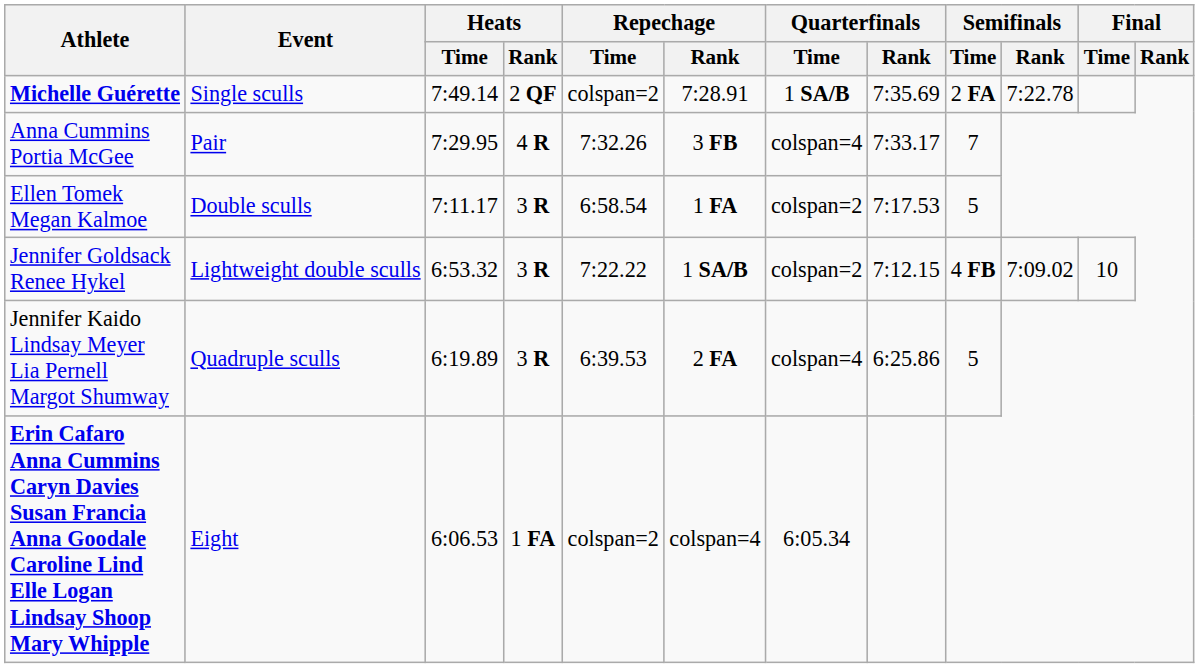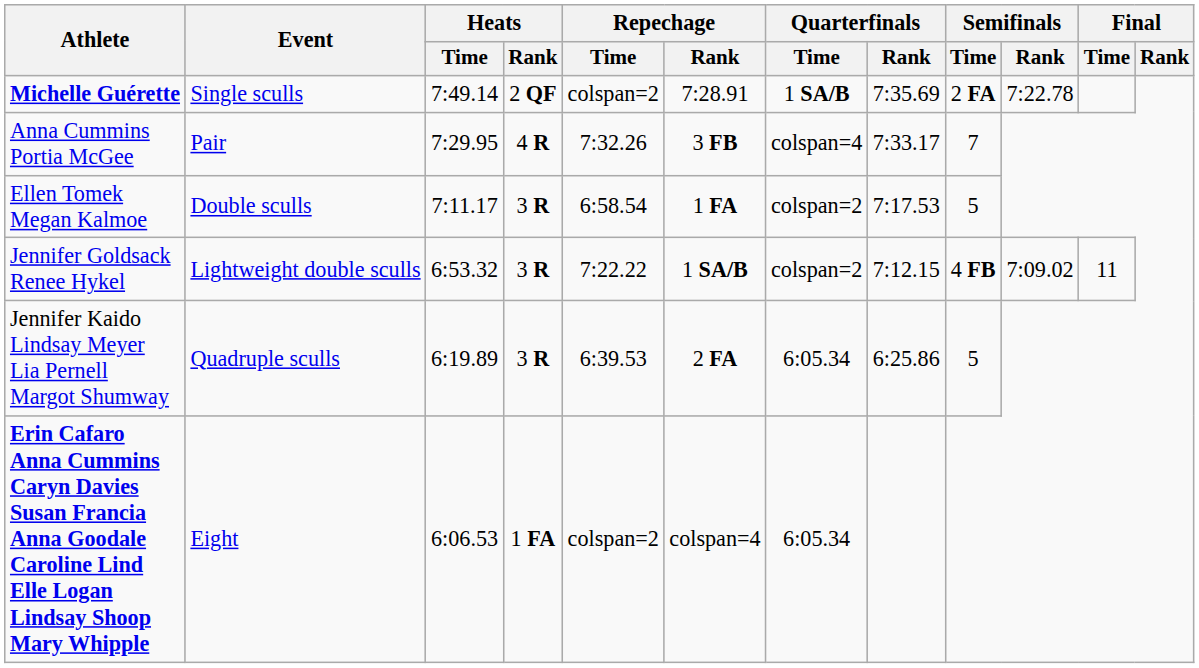 <table class=wikitable style=font-size:90%;text-align:center>
 <tr>
 <th rowspan=2>Athlete</th>
 <th rowspan=2>Event</th>
 <th colspan=2>Heats</th>
 <th colspan=2>Repechage</th>
 <th colspan=2>Quarterfinals</th>
 <th colspan=2>Semifinals</th>
 <th colspan=2>Final</th>
 </tr>
 <tr style=font-size:95%>
 <th>Time</th>
 <th>Rank</th>
 <th>Time</th>
 <th>Rank</th>
 <th>Time</th>
 <th>Rank</th>
 <th>Time</th>
 <th>Rank</th>
 <th>Time</th>
 <th>Rank</th>
 </tr>
 <tr>
 <td align=left><strong><a href='#'>Michelle Guérette</a></strong></td>
 <td align=left><a href='#'>Single sculls</a></td>
 <td>7:49.14</td>
 <td>2 <strong>QF</strong></td>
 <td>colspan=2 </td>
 <td>7:28.91</td>
 <td>1 <strong>SA/B</strong></td>
 <td>7:35.69</td>
 <td>2 <strong>FA</strong></td>
 <td>7:22.78</td>
 <td></td>
 </tr>
 <tr>
 <td align=left><a href='#'>Anna Cummins</a><br><a href='#'>Portia McGee</a></td>
 <td align=left><a href='#'>Pair</a></td>
 <td>7:29.95</td>
 <td>4 <strong>R</strong></td>
 <td>7:32.26</td>
 <td>3 <strong>FB</strong></td>
 <td>colspan=4 </td>
 <td>7:33.17</td>
 <td>7</td>
 </tr>
 <tr>
 <td align=left><a href='#'>Ellen Tomek</a><br><a href='#'>Megan Kalmoe</a></td>
 <td align=left><a href='#'>Double sculls</a></td>
 <td>7:11.17</td>
 <td>3 <strong>R</strong></td>
 <td>6:58.54</td>
 <td>1 <strong>FA</strong></td>
 <td>colspan=2 </td>
 <td>7:17.53</td>
 <td>5</td>
 </tr>
 <tr>
 <td align=left><a href='#'>Jennifer Goldsack</a><br><a href='#'>Renee Hykel</a></td>
 <td align=left><a href='#'>Lightweight double sculls</a></td>
 <td>6:53.32</td>
 <td>3 <strong>R</strong></td>
 <td>7:22.22</td>
 <td>1 <strong>SA/B</strong></td>
 <td>colspan=2 </td>
 <td>7:12.15</td>
 <td>4 <strong>FB</strong></td>
 <td>7:09.02</td>
-<td>10</td>
+<td>11</td>
 </tr>
 <tr>
 <td align=left>Jennifer Kaido<br><a href='#'>Lindsay Meyer</a><br><a href='#'>Lia Pernell</a><br><a href='#'>Margot Shumway</a></td>
 <td align=left><a href='#'>Quadruple sculls</a></td>
 <td>6:19.89</td>
 <td>3 <strong>R</strong></td>
 <td>6:39.53</td>
 <td>2 <strong>FA</strong></td>
-<td>colspan=4 </td>
+<td>6:05.34</td>
 <td>6:25.86</td>
 <td>5</td>
 </tr>
 <tr>
 <td align=left><strong><a href='#'>Erin Cafaro</a><br><a href='#'>Anna Cummins</a><br><a href='#'>Caryn Davies</a><br><a href='#'>Susan Francia</a><br><a href='#'>Anna Goodale</a><br><a href='#'>Caroline Lind</a><br><a href='#'>Elle Logan</a><br><a href='#'>Lindsay Shoop</a><br><a href='#'>Mary Whipple</a></strong></td>
 <td align=left><a href='#'>Eight</a></td>
 <td>6:06.53</td>
 <td>1 <strong>FA</strong></td>
 <td>colspan=2 </td>
 <td>colspan=4 </td>
 <td>6:05.34</td>
 <td></td>
 </tr>
 </table>
